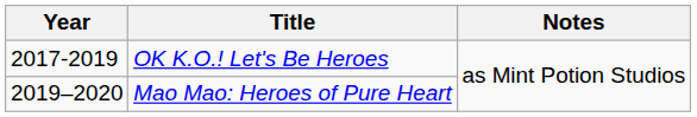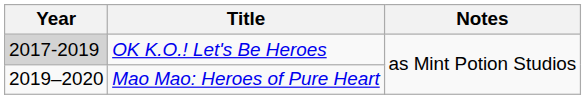 <table class="wikitable sortable">
 <tr>
 <th>Year</th>
 <th>Title</th>
 <th>Notes</th>
 </tr>
 <tr>
-<td>2017-2019</td>
+<td style="background: lightgrey;">2017-2019</td>
 <td><em><a href='#'>OK K.O.! Let's Be Heroes</a></em></td>
 <td rowspan="2">as Mint Potion Studios</td>
 </tr>
 <tr>
 <td>2019–2020</td>
 <td><em><a href='#'>Mao Mao: Heroes of Pure Heart</a></em></td>
 </tr>
 </table>
